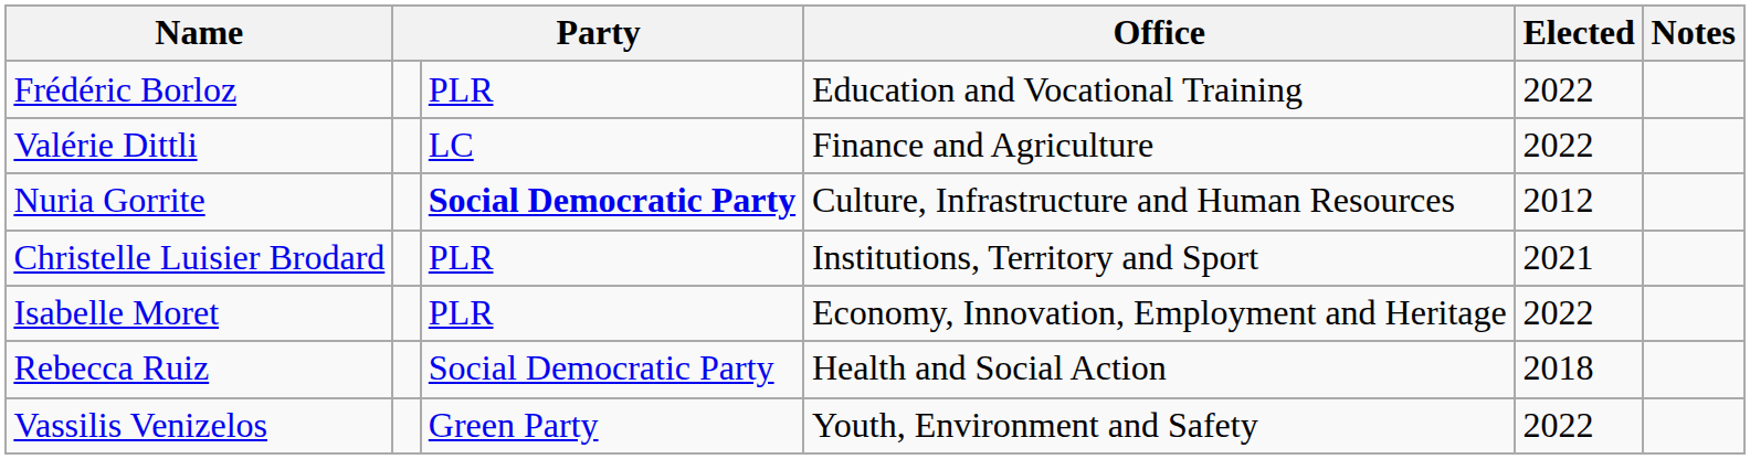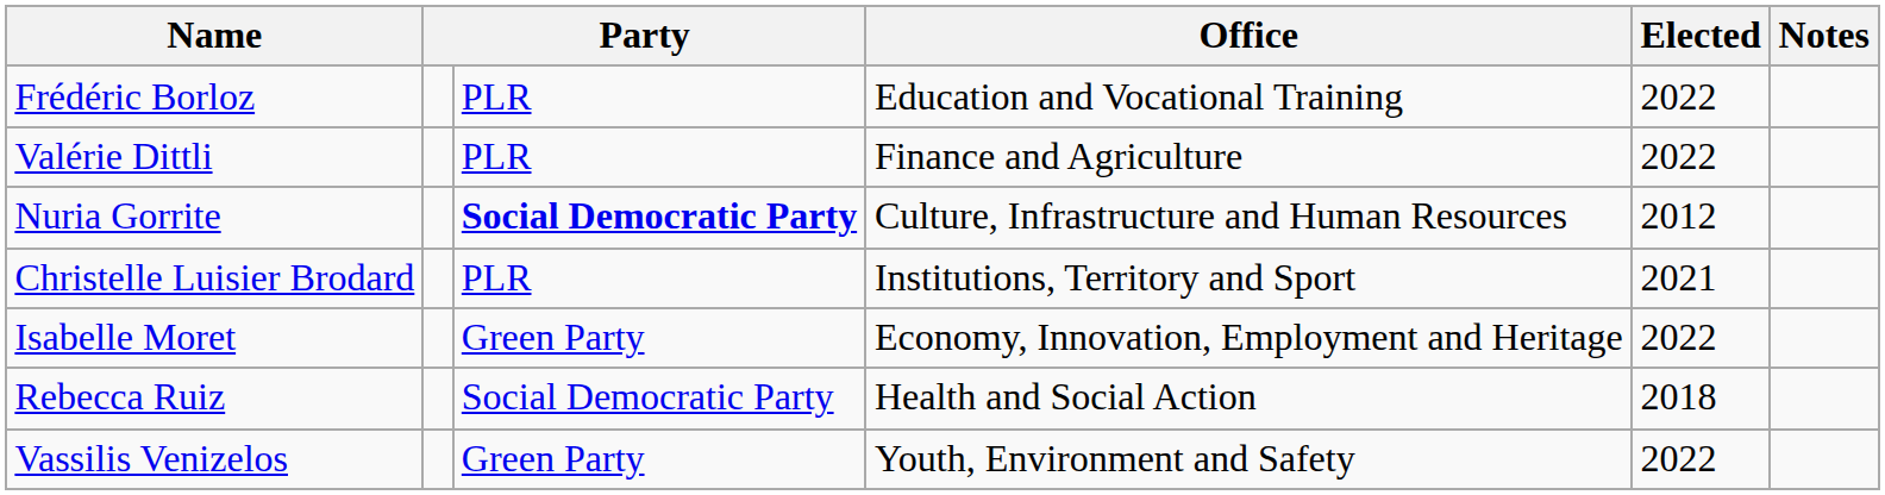 <table class="wikitable sortable">
 <tr>
 <th>Name</th>
 <th colspan=2>Party</th>
 <th>Office</th>
 <th>Elected</th>
 <th>Notes</th>
 </tr>
 <tr>
 <td><a href='#'>Frédéric Borloz</a></td>
 <td width=5px style="background-color: "></td>
 <td><a href='#'>PLR</a></td>
 <td>Education and Vocational Training</td>
 <td>2022</td>
 <td></td>
 </tr>
 <tr>
 <td><a href='#'>Valérie Dittli</a></td>
 <td style="background-color: "></td>
-<td><a href='#'>LC</a></td>
+<td><a href='#'>PLR</a></td>
 <td>Finance and Agriculture</td>
 <td>2022</td>
 <td></td>
 </tr>
 <tr>
 <td><a href='#'>Nuria Gorrite</a></td>
 <td width=5px style="background-color: "></td>
 <td><strong><a href='#'>Social Democratic Party</a></strong></td>
 <td>Culture, Infrastructure and Human Resources</td>
 <td>2012</td>
 <td></td>
 </tr>
 <tr>
 <td><a href='#'>Christelle Luisier Brodard</a></td>
 <td style="background-color: "></td>
 <td><a href='#'>PLR</a></td>
 <td>Institutions, Territory and Sport</td>
 <td>2021</td>
 <td></td>
 </tr>
 <tr>
 <td><a href='#'>Isabelle Moret</a></td>
 <td style="background-color: "></td>
-<td><a href='#'>PLR</a></td>
+<td><a href='#'>Green Party</a></td>
 <td>Economy, Innovation, Employment and Heritage</td>
 <td>2022</td>
 <td></td>
 </tr>
 <tr>
 <td><a href='#'>Rebecca Ruiz</a></td>
 <td style="background-color: "></td>
 <td><a href='#'>Social Democratic Party</a></td>
 <td>Health and Social Action</td>
 <td>2018</td>
 <td></td>
 </tr>
 <tr>
 <td><a href='#'>Vassilis Venizelos</a></td>
 <td style="background-color: "></td>
 <td><a href='#'>Green Party</a></td>
 <td>Youth, Environment and Safety</td>
 <td>2022</td>
 <td></td>
 </tr>
 <tr>
 </tr>
 </table>
